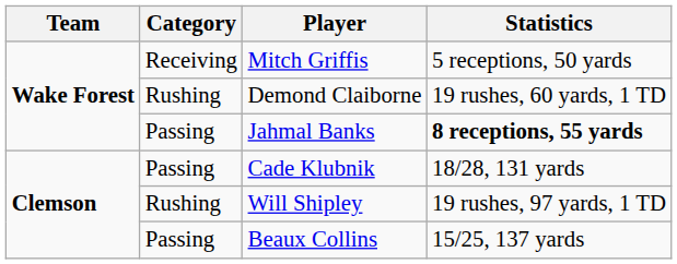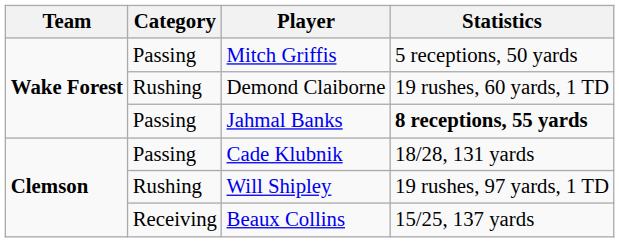 <table class="wikitable" style="float: right;">
 <tr>
 <th>Team</th>
 <th>Category</th>
 <th>Player</th>
 <th>Statistics</th>
 </tr>
 <tr>
 <td rowspan=3><strong>Wake Forest</strong></td>
-<td>Receiving</td>
+<td>Passing</td>
 <td><a href='#'>Mitch Griffis</a></td>
 <td>5 receptions, 50 yards</td>
 </tr>
 <tr>
 <td>Rushing</td>
 <td>Demond Claiborne</td>
 <td>19 rushes, 60 yards, 1 TD</td>
 </tr>
 <tr>
 <td>Passing</td>
 <td><a href='#'>Jahmal Banks</a></td>
 <td><strong>8 receptions, 55 yards</strong></td>
 </tr>
 <tr>
 <td rowspan=3><strong>Clemson</strong></td>
 <td>Passing</td>
 <td><a href='#'>Cade Klubnik</a></td>
 <td>18/28, 131 yards</td>
 </tr>
 <tr>
 <td>Rushing</td>
 <td><a href='#'>Will Shipley</a></td>
 <td>19 rushes, 97 yards, 1 TD</td>
 </tr>
 <tr>
-<td>Passing</td>
+<td>Receiving</td>
 <td><a href='#'>Beaux Collins</a></td>
 <td>15/25, 137 yards</td>
 </tr>
 </table>
